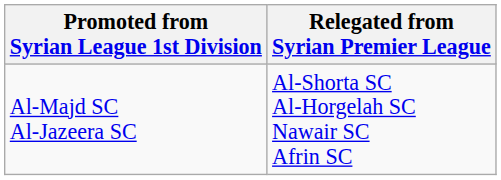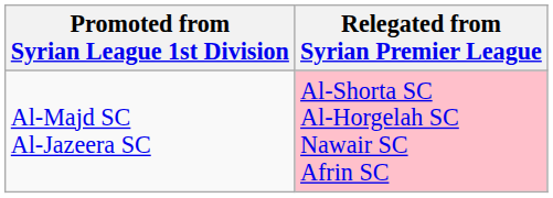 <table class="wikitable">
 <tr>
 <th>Promoted from<br><a href='#'>Syrian League 1st Division</a></th>
 <th>Relegated from<br><a href='#'>Syrian Premier League</a></th>
 </tr>
 <tr>
 <td> <a href='#'>Al-Majd SC</a> <br> <a href='#'>Al-Jazeera SC</a> </td>
-<td> <a href='#'>Al-Shorta SC</a> <br> <a href='#'>Al-Horgelah SC</a> <br> <a href='#'>Nawair SC</a> <br> <a href='#'>Afrin SC</a> </td>
+<td style="background: pink;"> <a href='#'>Al-Shorta SC</a> <br> <a href='#'>Al-Horgelah SC</a> <br> <a href='#'>Nawair SC</a> <br> <a href='#'>Afrin SC</a> </td>
 </tr>
 </table>
